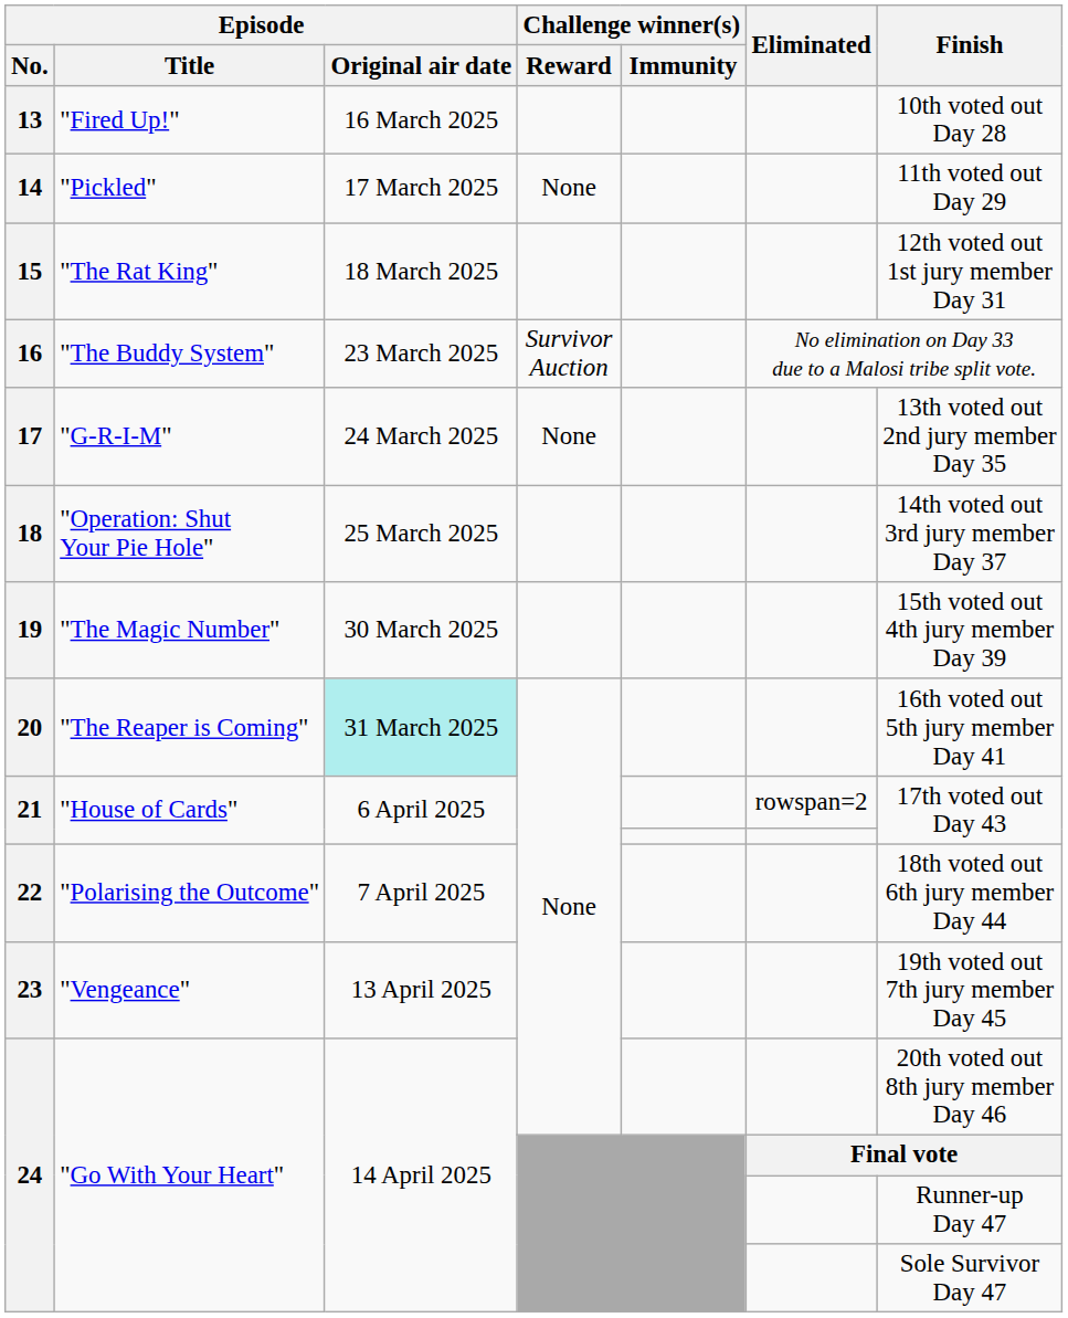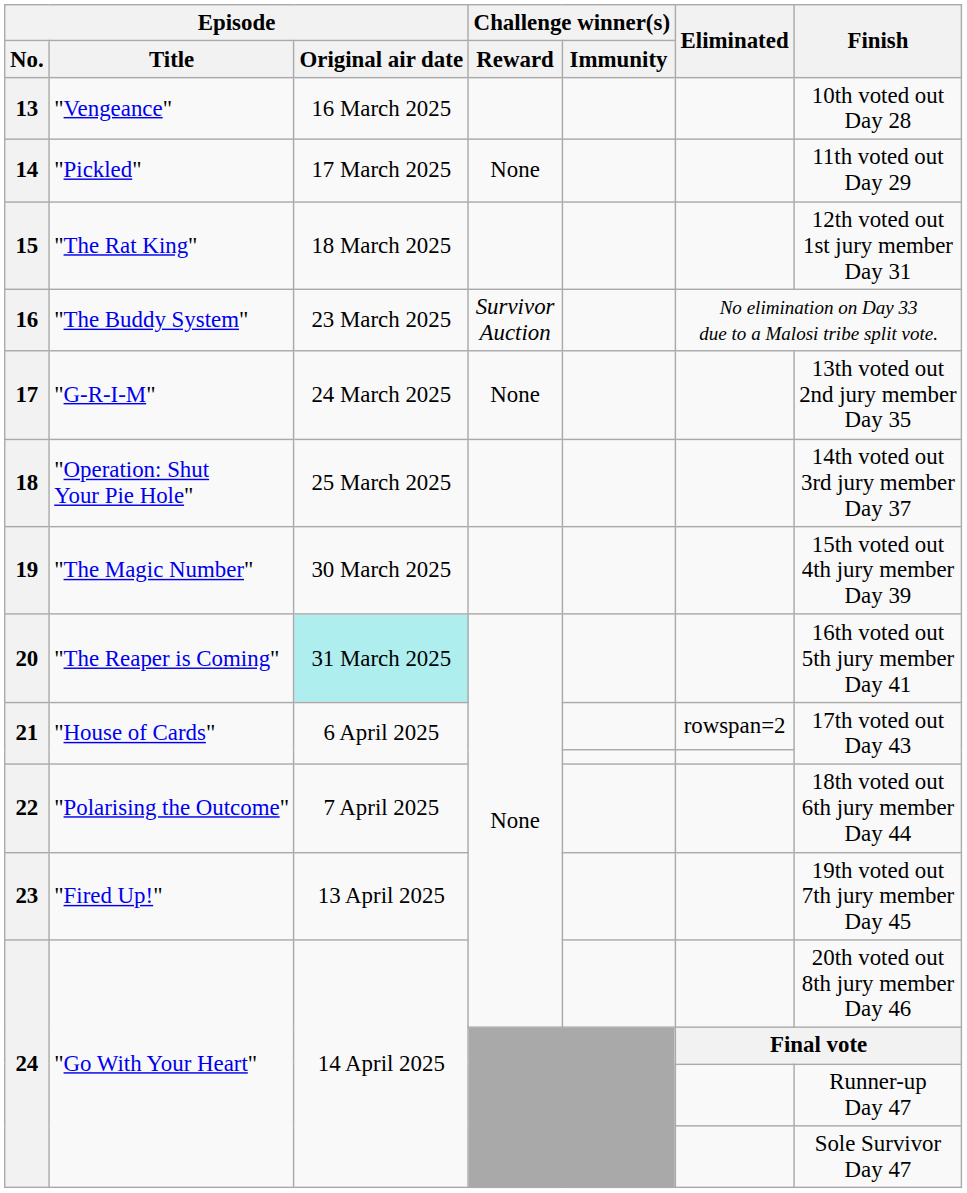 <table class="wikitable nowrap" style="text-align:center; font-size:100%">
 <tr>
 <th colspan="3">Episode</th>
 <th colspan="2">Challenge winner(s)</th>
 <th rowspan="2">Eliminated</th>
 <th rowspan="2">Finish</th>
 </tr>
 <tr>
 <th>No.</th>
 <th>Title</th>
 <th>Original air date</th>
 <th>Reward</th>
 <th>Immunity</th>
 </tr>
 <tr>
 <th>13</th>
-<td style="text-align:left">"<a href='#'>Fired Up!</a>"</td>
+<td style="text-align:left">"<a href='#'>Vengeance</a>"</td>
 <td>16 March 2025</td>
 <td></td>
 <td></td>
 <td></td>
 <td>10th voted out<br>Day 28</td>
 </tr>
 <tr>
 <th>14</th>
 <td style="text-align:left">"<a href='#'>Pickled</a>"</td>
 <td>17 March 2025</td>
 <td>None</td>
 <td></td>
 <td></td>
 <td>11th voted out<br>Day 29</td>
 </tr>
 <tr>
 <th>15</th>
 <td style="text-align:left">"<a href='#'>The Rat King</a>"</td>
 <td>18 March 2025</td>
 <td></td>
 <td></td>
 <td></td>
 <td>12th voted out<br>1st jury member<br>Day 31</td>
 </tr>
 <tr>
 <th>16</th>
 <td style="text-align:left">"<a href='#'>The Buddy System</a>"</td>
 <td>23 March 2025</td>
 <td><em>Survivor<br>Auction</em></td>
 <td></td>
 <td colspan="2"><em><small>No elimination on Day 33<br>due to a Malosi tribe split vote.</small></em></td>
 </tr>
 <tr>
 <th>17</th>
 <td style="text-align:left">"<a href='#'>G-R-I-M</a>"</td>
 <td>24 March 2025</td>
 <td>None</td>
 <td></td>
 <td></td>
 <td>13th voted out<br>2nd jury member<br>Day 35</td>
 </tr>
 <tr>
 <th>18</th>
 <td style="text-align:left">"<a href='#'>Operation: Shut<br>Your Pie Hole</a>"</td>
 <td>25 March 2025</td>
 <td></td>
 <td></td>
 <td></td>
 <td>14th voted out<br>3rd jury member<br> Day 37</td>
 </tr>
 <tr>
 <th>19</th>
 <td style="text-align:left">"<a href='#'>The Magic Number</a>"</td>
 <td>30 March 2025</td>
 <td></td>
 <td></td>
 <td></td>
 <td>15th voted out<br>4th jury member<br> Day 39</td>
 </tr>
 <tr>
 <th>20</th>
 <td style="text-align:left">"<a href='#'>The Reaper is Coming</a>"</td>
 <td style="background: paleturquoise;">31 March 2025</td>
 <td rowspan=6>None</td>
 <td></td>
 <td></td>
 <td>16th voted out<br>5th jury member<br> Day 41</td>
 </tr>
 <tr>
 <th rowspan=2>21</th>
 <td rowspan=2 style="text-align:left">"<a href='#'>House of Cards</a>"</td>
 <td rowspan=2>6 April 2025</td>
 <td></td>
 <td>rowspan=2 </td>
 <td rowspan=2>17th voted out<br> Day 43</td>
 </tr>
 <tr>
 <td> </td>
 </tr>
 <tr>
 <th>22</th>
 <td style="text-align:left">"<a href='#'>Polarising the Outcome</a>"</td>
 <td>7 April 2025</td>
 <td></td>
 <td></td>
 <td>18th voted out<br>6th jury member<br> Day 44</td>
 </tr>
 <tr>
 <th>23</th>
-<td style="text-align:left">"<a href='#'>Vengeance</a>"</td>
+<td style="text-align:left">"<a href='#'>Fired Up!</a>"</td>
 <td>13 April 2025</td>
 <td></td>
 <td></td>
 <td>19th voted out<br>7th jury member<br> Day 45</td>
 </tr>
 <tr>
 <th rowspan="4">24</th>
 <td rowspan="4" style="text-align:left">"<a href='#'>Go With Your Heart</a>"</td>
 <td rowspan="4">14 April 2025</td>
 <td></td>
 <td></td>
 <td>20th voted out<br>8th jury member<br> Day 46</td>
 </tr>
 <tr>
 <td rowspan="3" colspan="2" bgcolor="darkgray"></td>
 <th colspan="2">Final vote</th>
 </tr>
 <tr>
 <td></td>
 <td>Runner-up<br>Day 47</td>
 </tr>
 <tr>
 <td></td>
 <td>Sole Survivor<br>Day 47</td>
 </tr>
 </table>
